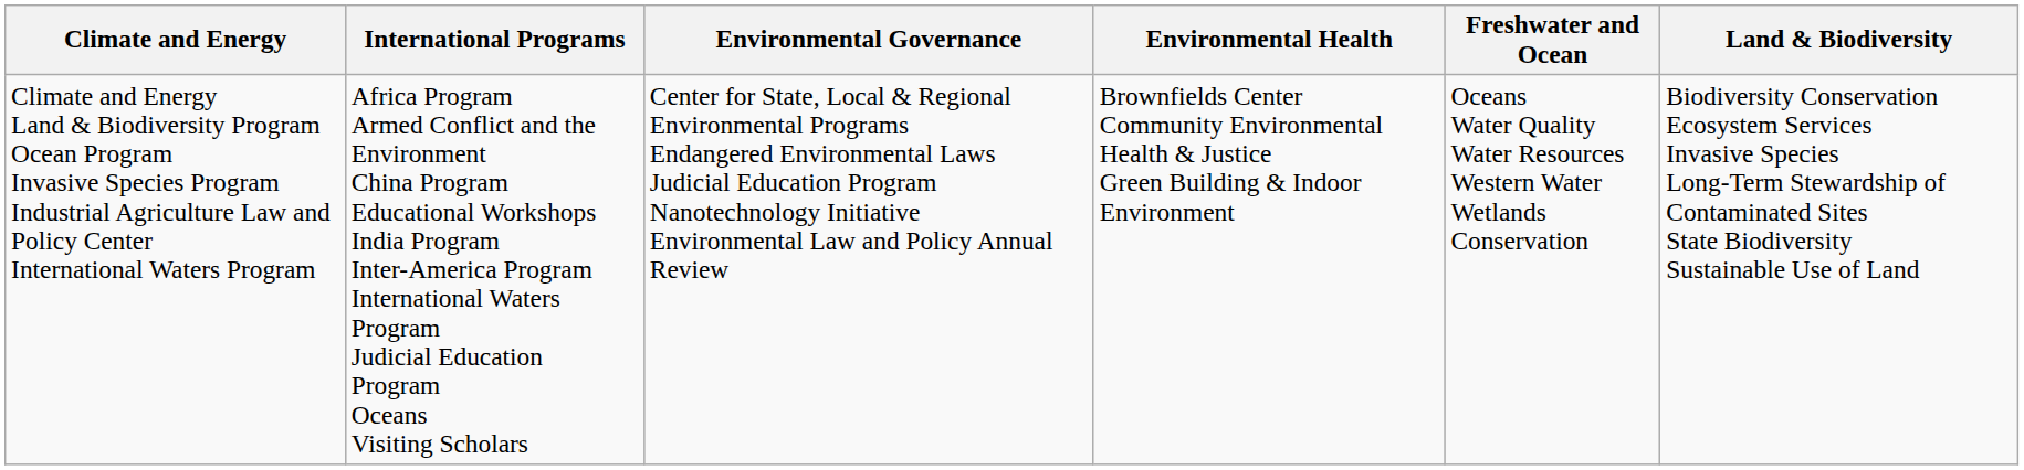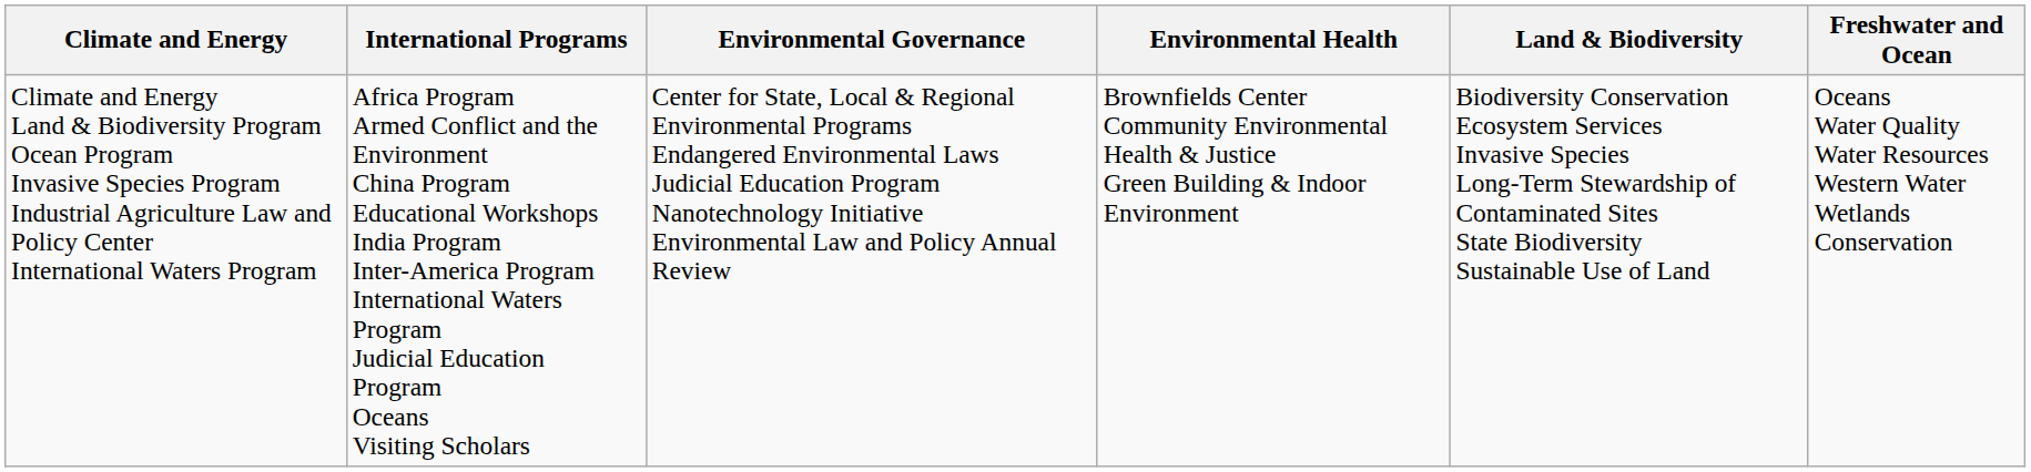 <table class="wikitable">
 <tr>
 <th>Climate and Energy</th>
 <th>International Programs</th>
 <th>Environmental Governance</th>
 <th>Environmental Health</th>
+<th>Land & Biodiversity</th>
 <th>Freshwater and Ocean</th>
-<th>Land & Biodiversity</th>
 </tr>
 <tr valign="top">
 <td>Climate and Energy<br>Land & Biodiversity Program<br>Ocean Program<br>Invasive Species Program<br>Industrial Agriculture Law and Policy Center<br>International Waters Program</td>
 <td>Africa Program<br>Armed Conflict and the Environment<br>China Program<br>Educational Workshops<br>India Program<br>Inter-America Program<br>International Waters Program<br>Judicial Education Program<br>Oceans<br>Visiting Scholars</td>
 <td>Center for State, Local & Regional Environmental Programs<br>Endangered Environmental Laws<br>Judicial Education Program<br>Nanotechnology Initiative<br>Environmental Law and Policy Annual Review</td>
 <td>Brownfields Center<br>Community Environmental Health & Justice<br>Green Building & Indoor Environment</td>
+<td>Biodiversity Conservation<br>Ecosystem Services<br>Invasive Species<br>Long-Term Stewardship of Contaminated Sites<br>State Biodiversity<br>Sustainable Use of Land</td>
 <td>Oceans<br>Water Quality<br>Water Resources<br>Western Water<br>Wetlands Conservation</td>
-<td>Biodiversity Conservation<br>Ecosystem Services<br>Invasive Species<br>Long-Term Stewardship of Contaminated Sites<br>State Biodiversity<br>Sustainable Use of Land</td>
 </tr>
 </table>
